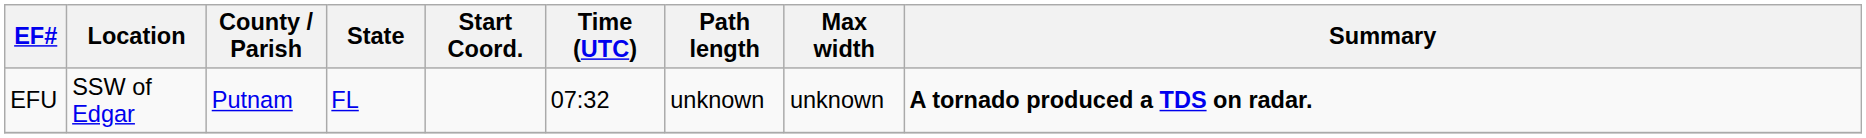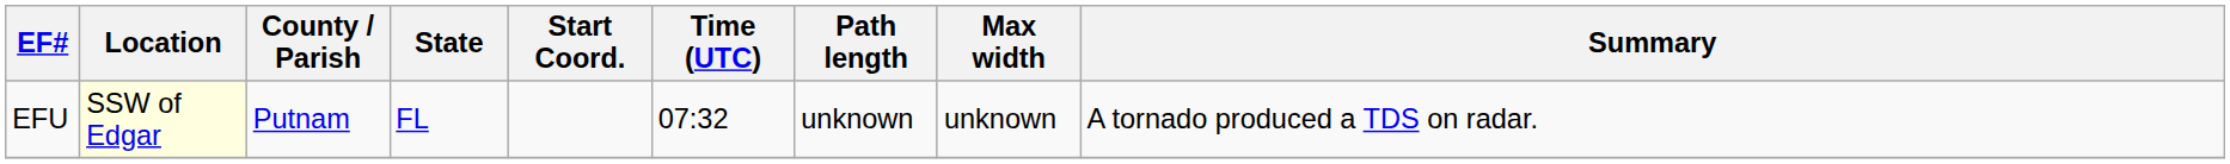 <table class="wikitable sortable" style="width:100%;">
 <tr>
 <th scope="col"  style="width:3%; text-align:center;"><a href='#'>EF#</a></th>
 <th scope="col"  style="width:7%; text-align:center;" class="unsortable">Location</th>
 <th scope="col"  style="width:6%; text-align:center;" class="unsortable">County / Parish</th>
 <th scope="col"  style="width:5%; text-align:center;">State</th>
 <th scope="col"  style="width:6%; text-align:center;">Start Coord.</th>
 <th scope="col"  style="width:6%; text-align:center;">Time (<a href='#'>UTC</a>)</th>
 <th scope="col"  style="width:6%; text-align:center;">Path length</th>
 <th scope="col"  style="width:6%; text-align:center;">Max width</th>
 <th scope="col" class="unsortable" style="width:48%; text-align:center;">Summary</th>
 </tr>
 <tr>
 <td>EFU</td>
-<td>SSW of <a href='#'>Edgar</a></td>
+<td style="background: lightyellow;">SSW of <a href='#'>Edgar</a></td>
 <td><a href='#'>Putnam</a></td>
 <td><a href='#'>FL</a></td>
 <td></td>
 <td>07:32</td>
 <td>unknown</td>
 <td>unknown</td>
-<td><strong>A tornado produced a <a href='#'>TDS</a> on radar.</strong></td>
+<td>A tornado produced a <a href='#'>TDS</a> on radar.</td>
 </tr>
 <tr>
 </tr>
 </table>
